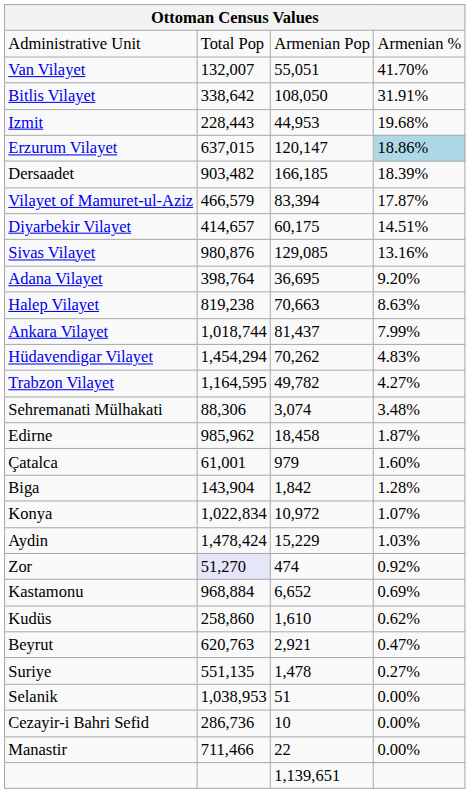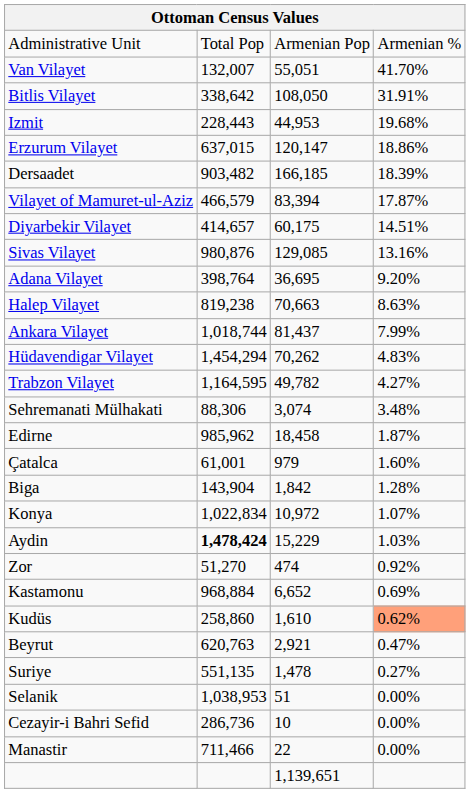 <table class="wikitable">
 <tr>
 <th colspan=4>Ottoman Census Values</th>
 </tr>
 <tr>
 <td>Administrative Unit</td>
 <td>Total	Pop</td>
 <td>Armenian Pop</td>
 <td>Armenian %</td>
 </tr>
 <tr>
 <td><a href='#'>Van Vilayet</a></td>
 <td>132,007</td>
 <td>55,051</td>
 <td>41.70%</td>
 </tr>
 <tr>
 <td><a href='#'>Bitlis Vilayet</a></td>
 <td>338,642</td>
 <td>108,050</td>
 <td>31.91%</td>
 </tr>
 <tr>
 <td><a href='#'>Izmit</a></td>
 <td>228,443</td>
 <td>44,953</td>
 <td>19.68%</td>
 </tr>
 <tr>
 <td><a href='#'>Erzurum Vilayet</a></td>
 <td>637,015</td>
 <td>120,147</td>
-<td style="background: lightblue;">18.86%</td>
+<td>18.86%</td>
 </tr>
 <tr>
 <td>Dersaadet</td>
 <td>903,482</td>
 <td>166,185</td>
 <td>18.39%</td>
 </tr>
 <tr>
 <td><a href='#'>Vilayet of Mamuret-ul-Aziz</a></td>
 <td>466,579</td>
 <td>83,394</td>
 <td>17.87%</td>
 </tr>
 <tr>
 <td><a href='#'>Diyarbekir Vilayet</a></td>
 <td>414,657</td>
 <td>60,175</td>
 <td>14.51%</td>
 </tr>
 <tr>
 <td><a href='#'>Sivas Vilayet</a></td>
 <td>980,876</td>
 <td>129,085</td>
 <td>13.16%</td>
 </tr>
 <tr>
 <td><a href='#'>Adana Vilayet</a></td>
 <td>398,764</td>
 <td>36,695</td>
 <td>9.20%</td>
 </tr>
 <tr>
 <td><a href='#'>Halep Vilayet</a></td>
 <td>819,238</td>
 <td>70,663</td>
 <td>8.63%</td>
 </tr>
 <tr>
 <td><a href='#'>Ankara Vilayet</a></td>
 <td>1,018,744</td>
 <td>81,437</td>
 <td>7.99%</td>
 </tr>
 <tr>
 <td><a href='#'>Hüdavendigar Vilayet</a></td>
 <td>1,454,294</td>
 <td>70,262</td>
 <td>4.83%</td>
 </tr>
 <tr>
 <td><a href='#'>Trabzon Vilayet</a></td>
 <td>1,164,595</td>
 <td>49,782</td>
 <td>4.27%</td>
 </tr>
 <tr>
 <td>Sehremanati Mülhakati</td>
 <td>88,306</td>
 <td>3,074</td>
 <td>3.48%</td>
 </tr>
 <tr>
 <td>Edirne</td>
 <td>985,962</td>
 <td>18,458</td>
 <td>1.87%</td>
 </tr>
 <tr>
 <td>Çatalca</td>
 <td>61,001</td>
 <td>979</td>
 <td>1.60%</td>
 </tr>
 <tr>
 <td>Biga</td>
 <td>143,904</td>
 <td>1,842</td>
 <td>1.28%</td>
 </tr>
 <tr>
 <td>Konya</td>
 <td>1,022,834</td>
 <td>10,972</td>
 <td>1.07%</td>
 </tr>
 <tr>
 <td>Aydin</td>
-<td>1,478,424</td>
+<td><strong>1,478,424</strong></td>
 <td>15,229</td>
 <td>1.03%</td>
 </tr>
 <tr>
 <td>Zor</td>
-<td style="background: lavender;">51,270</td>
+<td>51,270</td>
 <td>474</td>
 <td>0.92%</td>
 </tr>
 <tr>
 <td>Kastamonu</td>
 <td>968,884</td>
 <td>6,652</td>
 <td>0.69%</td>
 </tr>
 <tr>
 <td>Kudüs</td>
 <td>258,860</td>
 <td>1,610</td>
-<td>0.62%</td>
+<td style="background: lightsalmon;">0.62%</td>
 </tr>
 <tr>
 <td>Beyrut</td>
 <td>620,763</td>
 <td>2,921</td>
 <td>0.47%</td>
 </tr>
 <tr>
 <td>Suriye</td>
 <td>551,135</td>
 <td>1,478</td>
 <td>0.27%</td>
 </tr>
 <tr>
 <td>Selanik</td>
 <td>1,038,953</td>
 <td>51</td>
 <td>0.00%</td>
 </tr>
 <tr>
 <td>Cezayir-i Bahri Sefid</td>
 <td>286,736</td>
 <td>10</td>
 <td>0.00%</td>
 </tr>
 <tr>
 <td>Manastir</td>
 <td>711,466</td>
 <td>22</td>
 <td>0.00%</td>
 </tr>
 <tr>
 <td></td>
 <td></td>
 <td>1,139,651</td>
 <td></td>
 </tr>
 </table>
